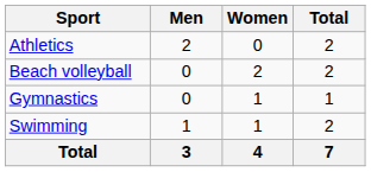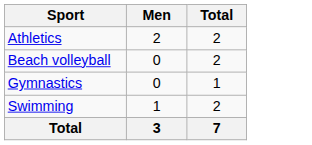 <table class="wikitable sortable" style="text-align:center">
 <tr>
 <th width=130>Sport</th>
 <th width=60>Men</th>
-<th width=60>Women</th>
 <th width=60>Total</th>
 </tr>
 <tr>
 <td align=left><a href='#'>Athletics</a></td>
 <td>2</td>
-<td>0</td>
 <td>2</td>
 </tr>
 <tr>
 <td align=left><a href='#'>Beach volleyball</a></td>
 <td>0</td>
 <td>2</td>
-<td>2</td>
 </tr>
 <tr>
 <td align=left><a href='#'>Gymnastics</a></td>
 <td>0</td>
 <td>1</td>
-<td>1</td>
 </tr>
 <tr>
 <td align=left><a href='#'>Swimming</a></td>
-<td>1</td>
 <td>1</td>
 <td>2</td>
 </tr>
 <tr>
 <th>Total</th>
 <th>3</th>
-<th>4</th>
 <th>7</th>
 </tr>
 </table>
